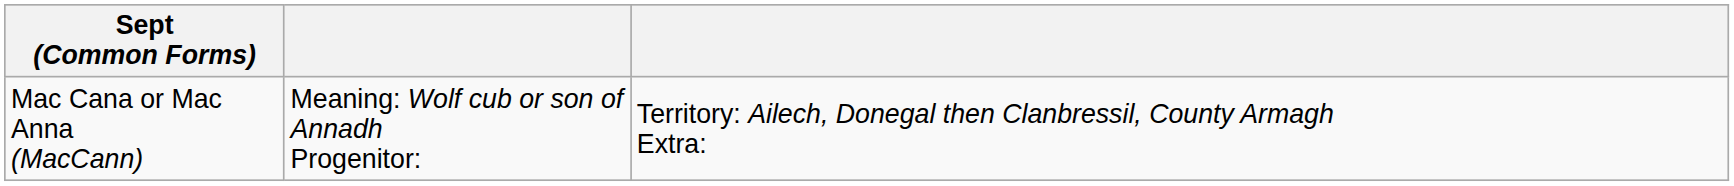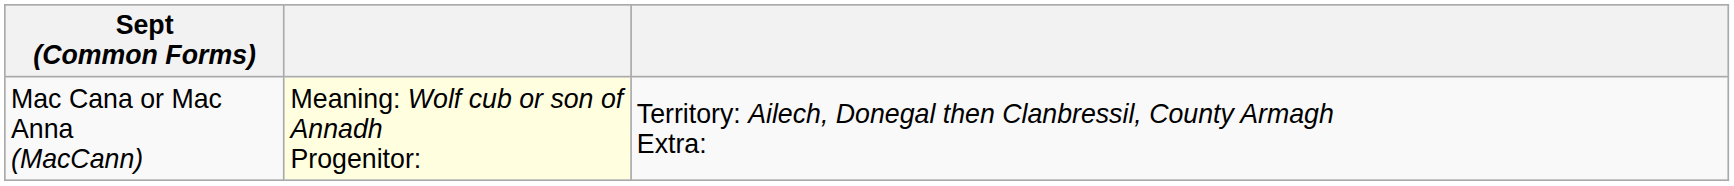 <table class="wikitable">
 <tr>
 <th width="160"><strong>Sept</strong><br><strong><em>(Common Forms)</em></strong></th>
 <th width="200"></th>
 <th width="650"></th>
 </tr>
 <tr>
 <td>Mac Cana or Mac Anna<br><em>(MacCann)</em></td>
-<td>Meaning: <em>Wolf cub or son of Annadh</em><br>Progenitor:</td>
+<td style="background: lightyellow;">Meaning: <em>Wolf cub or son of Annadh</em><br>Progenitor:</td>
 <td>Territory: <em>Ailech, Donegal then Clanbressil, County Armagh</em><br>Extra:</td>
 </tr>
 </table>
